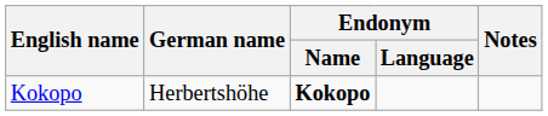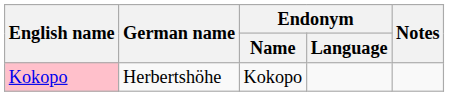 <table class="wikitable sortable mw-collapsible">
 <tr>
 <th rowspan="2">English name</th>
 <th rowspan="2">German name</th>
 <th colspan="2">Endonym</th>
 <th rowspan="2">Notes</th>
 </tr>
 <tr>
 <th>Name</th>
 <th>Language</th>
 </tr>
 <tr>
-<td><a href='#'>Kokopo</a></td>
+<td style="background: pink;"><a href='#'>Kokopo</a></td>
 <td>Herbertshöhe</td>
-<td><strong>Kokopo</strong></td>
+<td>Kokopo</td>
 <td></td>
 <td></td>
 </tr>
 </table>
